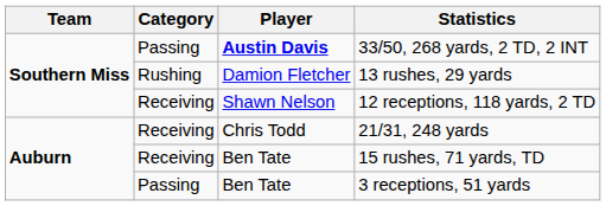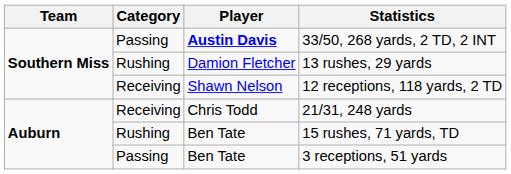 <table class="wikitable" style="float: left;">
 <tr>
 <th>Team</th>
 <th>Category</th>
 <th>Player</th>
 <th>Statistics</th>
 </tr>
 <tr>
 <td rowspan=3><strong>Southern Miss</strong></td>
 <td>Passing</td>
 <td><strong><a href='#'>Austin Davis</a></strong></td>
 <td>33/50, 268 yards, 2 TD, 2 INT</td>
 </tr>
 <tr>
 <td>Rushing</td>
 <td><a href='#'>Damion Fletcher</a></td>
 <td>13 rushes, 29 yards</td>
 </tr>
 <tr>
 <td>Receiving</td>
 <td><a href='#'>Shawn Nelson</a></td>
 <td>12 receptions, 118 yards, 2 TD</td>
 </tr>
 <tr>
 <td rowspan=3><strong>Auburn</strong></td>
 <td>Receiving</td>
 <td>Chris Todd</td>
 <td>21/31, 248 yards</td>
 </tr>
 <tr>
-<td>Receiving</td>
+<td>Rushing</td>
 <td>Ben Tate</td>
 <td>15 rushes, 71 yards, TD</td>
 </tr>
 <tr>
 <td>Passing</td>
 <td>Ben Tate</td>
 <td>3 receptions, 51 yards</td>
 </tr>
 </table>
